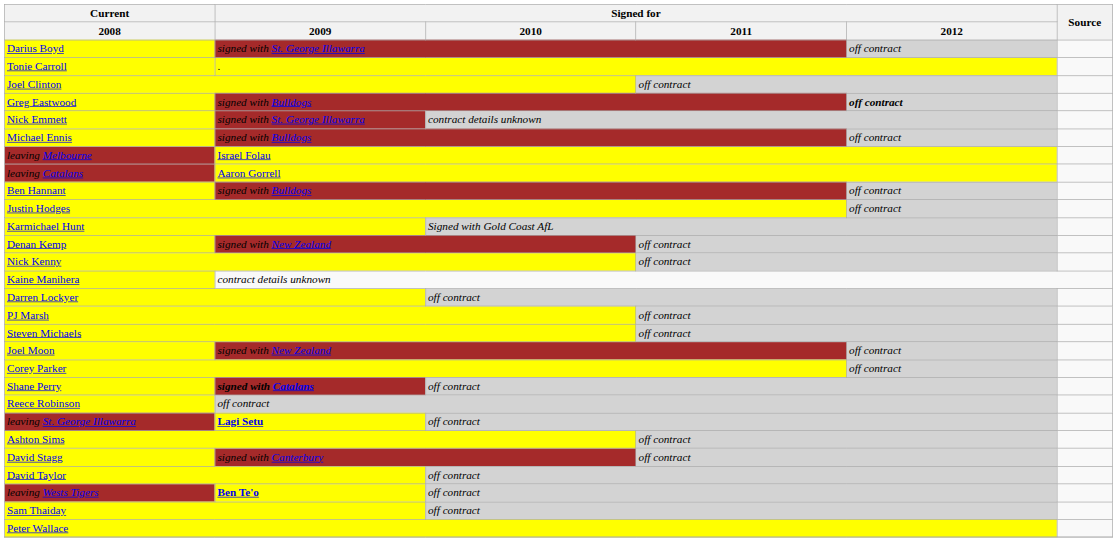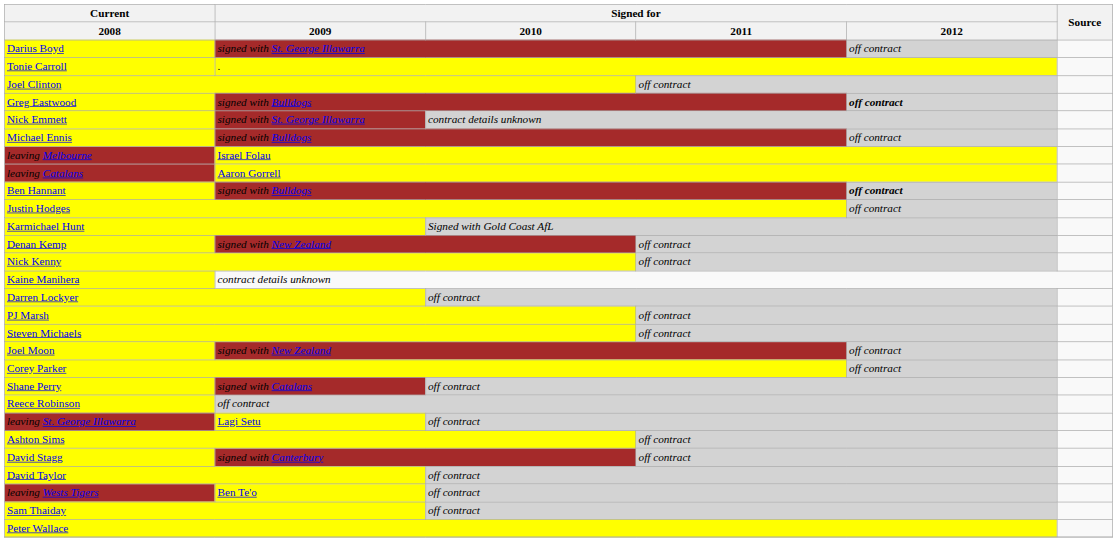 <table class="wikitable" width=100%>
 <tr>
 <th>Current</th>
 <th colspan="4">Signed for</th>
 <th rowspan="2" width="5%">Source</th>
 </tr>
 <tr>
 <th width=19%>2008</th>
 <th width=19%>2009</th>
 <th width=19%>2010</th>
 <th width=19%>2011</th>
 <th width=19%>2012</th>
 </tr>
 <tr>
 <td colspan="1" style="background-color:yellow;"><a href='#'>Darius Boyd</a></td>
 <td colspan="3" style="background-color:brown;"><em>signed with <a href='#'><span>St. George Illawarra</span></a></em></td>
 <td style="background-color:lightgrey;"><em>off contract</em></td>
 <td></td>
 </tr>
 <tr>
 <td style="background-color:yellow;"><a href='#'>Tonie Carroll</a></td>
 <td colspan="4" style="background-color:yellow;" Retired at The end of 2009>.</td>
 <td></td>
 </tr>
 <tr>
 <td style="background-color:yellow;" colspan="3"><a href='#'>Joel Clinton</a></td>
 <td colspan="2" style="background-color:lightgrey;"><em>off contract</em></td>
 </tr>
 <tr>
 <td style="background-color:yellow;" colspan="1"><a href='#'>Greg Eastwood</a></td>
 <td colspan="3" style="background-color:brown;"><em>signed with <a href='#'><span>Bulldogs</span></a></em></td>
 <td style="background-color:lightgrey;"><strong><em>off contract</em></strong></td>
 <td></td>
 </tr>
 <tr>
 <td colspan="1" style="background-color:yellow;"><a href='#'>Nick Emmett</a></td>
 <td colspan="1" style="background-color:brown;"><em>signed with <a href='#'><span>St. George Illawarra</span></a></em></td>
 <td colspan="3" style="background-color:lightgrey;"><em>contract  details unknown</em></td>
 <td></td>
 </tr>
 <tr>
 <td style="background-color:yellow;"><a href='#'>Michael Ennis</a></td>
 <td colspan="3" style="background-color:brown;"><em>signed with <a href='#'><span>Bulldogs</span></a></em></td>
 <td style="background-color:lightgrey;"><em>off contract</em></td>
 <td></td>
 </tr>
 <tr>
 <td style="background-color:brown;"><em>leaving <a href='#'><span>Melbourne</span></a></em></td>
 <td colspan="4" style="background-color:yellow;"><a href='#'>Israel Folau</a></td>
 <td></td>
 </tr>
 <tr>
 <td style="background-color:brown;"><em>leaving <a href='#'><span>Catalans</span></a></em></td>
 <td colspan="4" style="background-color:yellow;"><a href='#'>Aaron Gorrell</a></td>
 <td></td>
 </tr>
 <tr>
 <td style="background-color:yellow;"><a href='#'>Ben Hannant</a></td>
 <td colspan="3" style="background-color:brown;"><em>signed with <a href='#'><span>Bulldogs</span></a></em></td>
-<td style="background-color:lightgrey;"><em>off contract</em></td>
+<td style="background-color:lightgrey;"><strong><em>off contract</em></strong></td>
 <td></td>
 </tr>
 <tr>
 <td style="background-color:yellow;" colspan="4"><a href='#'>Justin Hodges</a></td>
 <td colspan="1" style="background-color:lightgrey;"><em>off contract</em></td>
 <td></td>
 </tr>
 <tr>
 <td style="background-color:yellow;" colspan="2"><a href='#'>Karmichael Hunt</a></td>
 <td colspan="3" style="background-color:lightgrey;"><em>Signed with Gold Coast AfL</em></td>
 <td></td>
 </tr>
 <tr>
 <td style="background-color:yellow;"><a href='#'>Denan Kemp</a></td>
 <td colspan="2" style="background-color:brown;"><em>signed with <a href='#'><span>New Zealand</span></a></em></td>
 <td colspan="2" style="background-color:lightgrey;"><em>off contract</em></td>
 <td></td>
 </tr>
 <tr>
 <td colspan="3" style="background-color:yellow;"><a href='#'>Nick Kenny</a></td>
 <td colspan="2" style="background-color:lightgrey;"><em>off contract</em></td>
 <td></td>
 </tr>
 <tr>
 <td style="background-color:yellow;"><a href='#'>Kaine Manihera</a></td>
 <td colspan="5"><em>contract  details unknown</em></td>
 </tr>
 <tr>
 <td style="background-color:yellow;" colspan="2"><a href='#'>Darren Lockyer</a></td>
 <td colspan="3" style="background-color:lightgrey;"><em>off contract</em></td>
 <td></td>
 </tr>
 <tr>
 <td style="background-color:yellow;" colspan="3"><a href='#'>PJ Marsh</a></td>
 <td colspan="2" style="background-color:lightgrey;"><em>off contract</em></td>
 <td></td>
 </tr>
 <tr>
 <td colspan="3" style="background-color:yellow;"><a href='#'>Steven Michaels</a></td>
 <td colspan="2" style="background-color:lightgrey;"><em>off contract</em></td>
 <td></td>
 </tr>
 <tr>
 <td colspan="1" style="background-color:yellow;"><a href='#'>Joel Moon</a></td>
 <td colspan="3" style="background-color:brown;"><em>signed with <a href='#'><span>New Zealand</span></a></em></td>
 <td colspan="1" style="background-color:lightgrey;"><em>off contract</em></td>
 <td></td>
 </tr>
 <tr>
 <td colspan="4" style="background-color:yellow;"><a href='#'>Corey Parker</a></td>
 <td colspan="1" style="background-color:lightgrey;"><em>off contract</em></td>
 <td></td>
 </tr>
 <tr>
 <td style="background-color:yellow;"><a href='#'>Shane Perry</a></td>
-<td colspan="1" style="background-color:brown;"><strong><em>signed with <a href='#'><span>Catalans</span></a></em></strong></td>
+<td colspan="1" style="background-color:brown;"><em>signed with <a href='#'><span>Catalans</span></a></em></td>
 <td colspan="3" style="background-color:lightgrey;"><em>off contract</em></td>
 <td></td>
 </tr>
 <tr>
 <td style="background-color:yellow;"><a href='#'>Reece Robinson</a></td>
 <td colspan="4" style="background-color:lightgrey;"><em>off contract</em></td>
 </tr>
 <tr>
 <td style="background-color:brown;"><em>leaving <a href='#'><span>St. George Illawarra</span></a></em></td>
-<td colspan="1" style="background-color:yellow;"><strong><a href='#'>Lagi Setu</a></strong></td>
+<td colspan="1" style="background-color:yellow;"><a href='#'>Lagi Setu</a></td>
 <td colspan="3" style="background-color:lightgrey;"><em>off contract</em></td>
 <td></td>
 </tr>
 <tr>
 <td style="background-color:yellow;" colspan="3"><a href='#'>Ashton Sims</a></td>
 <td colspan="2" style="background-color:lightgrey;"><em>off contract</em></td>
 </tr>
 <tr>
 <td style="background-color:yellow;"><a href='#'>David Stagg</a></td>
 <td colspan="2" style="background-color:brown;"><em>signed with <a href='#'><span>Canterbury </span></a></em></td>
 <td colspan="2" style="background-color:lightgrey;"><em>off contract</em></td>
 <td></td>
 </tr>
 <tr>
 <td colspan="2" style="background-color:yellow;"><a href='#'>David Taylor</a></td>
 <td colspan="3" style="background-color:lightgrey;"><em>off contract</em></td>
 <td></td>
 </tr>
 <tr>
 <td style="background-color:brown;"><em>leaving <a href='#'><span>Wests Tigers</span></a></em></td>
-<td colspan="1" style="background-color:yellow;"><strong><a href='#'>Ben Te'o</a></strong></td>
+<td colspan="1" style="background-color:yellow;"><a href='#'>Ben Te'o</a></td>
 <td colspan="3" style="background-color:lightgrey;"><em>off contract</em></td>
 <td></td>
 </tr>
 <tr>
 <td colspan="2" style="background-color:yellow;"><a href='#'>Sam Thaiday</a></td>
 <td colspan="3" style="background-color:lightgrey;"><em>off contract</em></td>
 <td></td>
 </tr>
 <tr>
 <td colspan="5" style="background-color:yellow;"><a href='#'>Peter Wallace</a></td>
 <td></td>
 </tr>
 <tr>
 </tr>
 </table>
